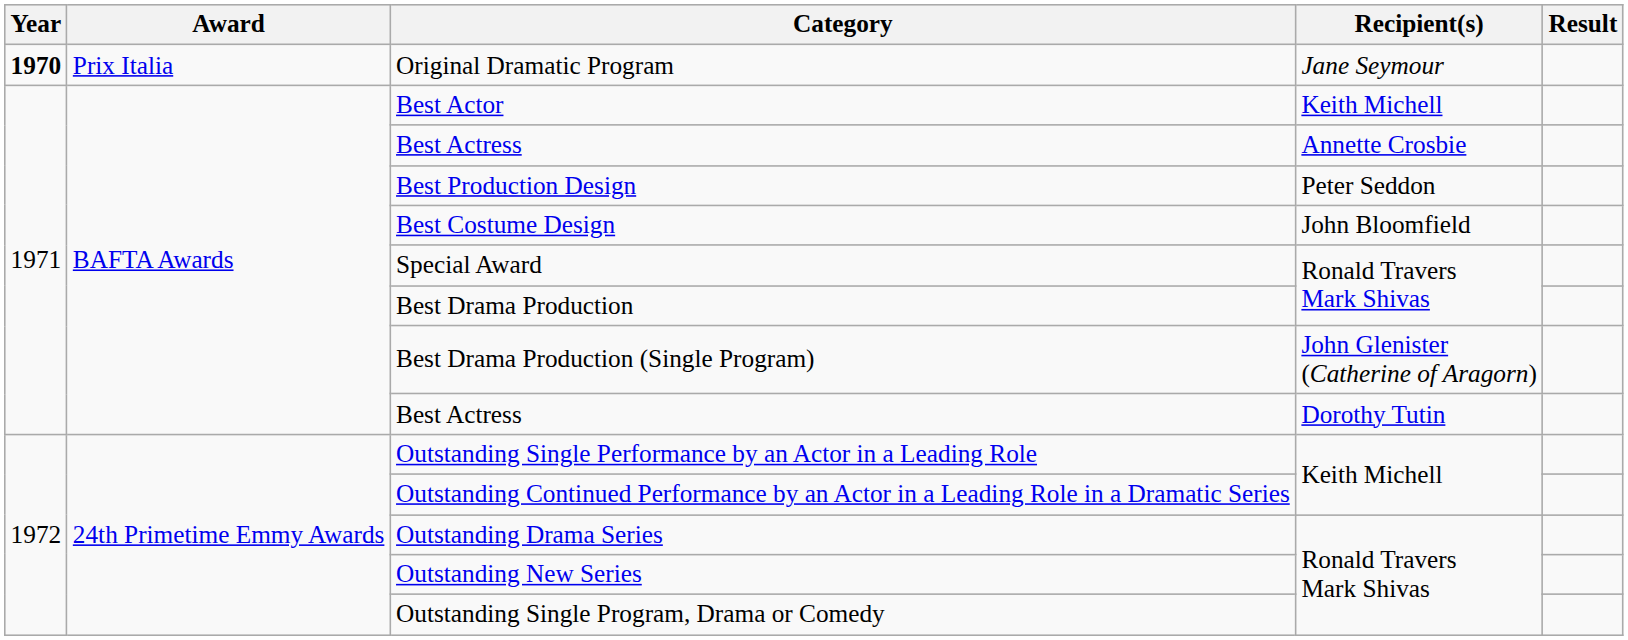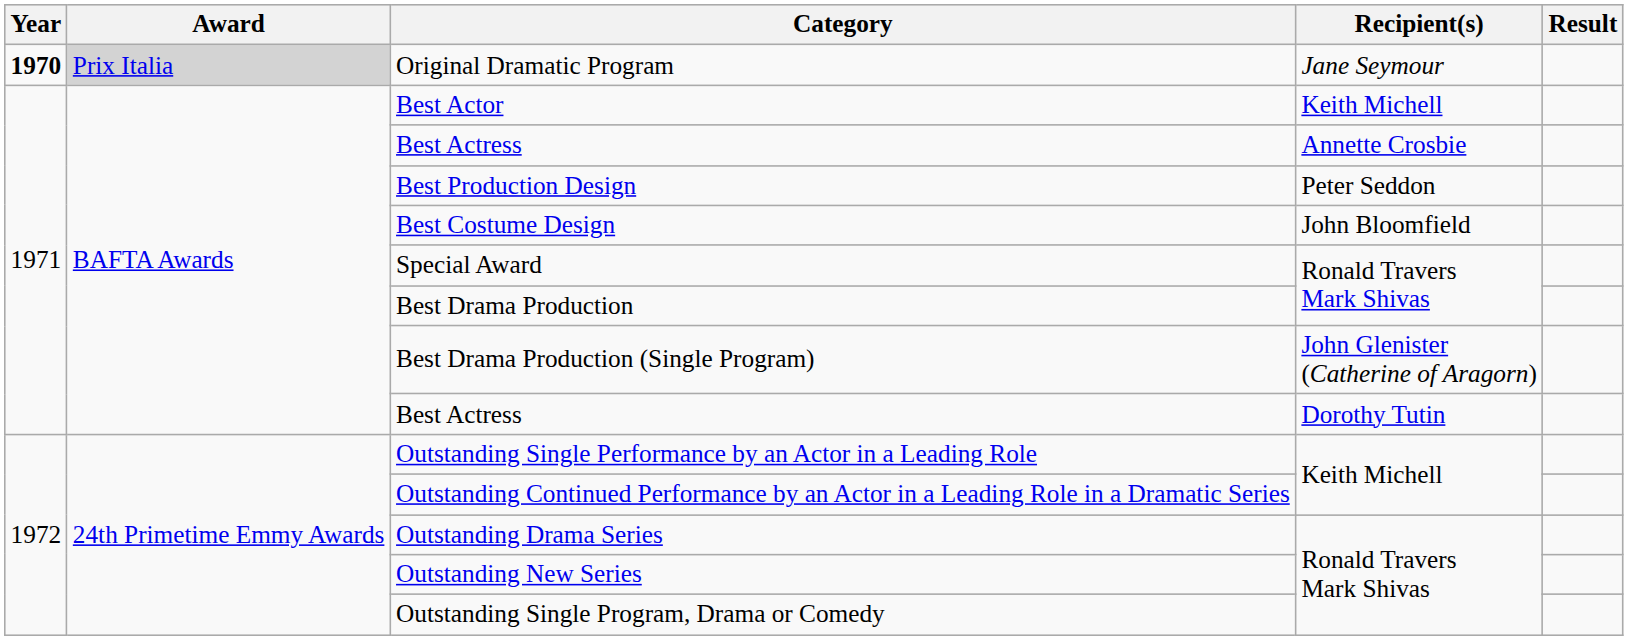 <table class="wikitable unsortable plainrowheaders">
 <tr>
 <th scope="col">Year</th>
 <th scope="col">Award</th>
 <th scope="col">Category</th>
 <th scope="col">Recipient(s)</th>
 <th scope="col">Result</th>
 </tr>
 <tr>
 <td><strong>1970</strong></td>
-<td><a href='#'>Prix Italia</a></td>
+<td style="background: lightgrey;"><a href='#'>Prix Italia</a></td>
 <td>Original Dramatic Program</td>
 <td><em>Jane Seymour</em></td>
 <td></td>
 </tr>
 <tr>
 <td rowspan="8">1971</td>
 <td rowspan="8"><a href='#'>BAFTA Awards</a></td>
 <td><a href='#'>Best Actor</a></td>
 <td><a href='#'>Keith Michell</a></td>
 <td></td>
 </tr>
 <tr>
 <td><a href='#'>Best Actress</a></td>
 <td><a href='#'>Annette Crosbie</a></td>
 <td></td>
 </tr>
 <tr>
 <td><a href='#'>Best Production Design</a></td>
 <td>Peter Seddon</td>
 <td></td>
 </tr>
 <tr>
 <td><a href='#'>Best Costume Design</a></td>
 <td>John Bloomfield</td>
 <td></td>
 </tr>
 <tr>
 <td>Special Award</td>
 <td rowspan="2">Ronald Travers<br><a href='#'>Mark Shivas</a></td>
 <td></td>
 </tr>
 <tr>
 <td>Best Drama Production</td>
 <td></td>
 </tr>
 <tr>
 <td>Best Drama Production (Single Program)</td>
 <td><a href='#'>John Glenister</a><br>(<em>Catherine of Aragorn</em>)</td>
 <td></td>
 </tr>
 <tr>
 <td>Best Actress</td>
 <td><a href='#'>Dorothy Tutin</a></td>
 <td></td>
 </tr>
 <tr>
 <td rowspan="5">1972</td>
 <td rowspan="5"><a href='#'>24th Primetime Emmy Awards</a></td>
 <td><a href='#'>Outstanding Single Performance by an Actor in a Leading Role</a></td>
 <td rowspan="2">Keith Michell</td>
 <td></td>
 </tr>
 <tr>
 <td><a href='#'>Outstanding Continued Performance by an Actor in a Leading Role in a Dramatic Series</a></td>
 <td></td>
 </tr>
 <tr>
 <td><a href='#'>Outstanding Drama Series</a></td>
 <td rowspan="3">Ronald Travers<br>Mark Shivas</td>
 <td></td>
 </tr>
 <tr>
 <td><a href='#'>Outstanding New Series</a></td>
 <td></td>
 </tr>
 <tr>
 <td>Outstanding Single Program, Drama or Comedy</td>
 <td></td>
 </tr>
 </table>
